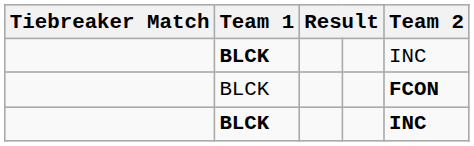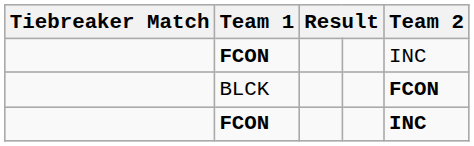 <table class="wikitable">
 <tr>
 <th>Tiebreaker Match</th>
 <th>Team 1</th>
 <th colspan=2>Result</th>
 <th>Team 2</th>
 </tr>
 <tr>
 <td></td>
-<td><strong> BLCK</strong></td>
+<td><strong> FCON</strong></td>
 <td></td>
 <td></td>
 <td> INC</td>
 </tr>
 <tr>
 <td></td>
 <td> BLCK</td>
 <td></td>
 <td></td>
 <td><strong> FCON</strong></td>
 </tr>
 <tr>
 <td></td>
-<td><strong> BLCK</strong></td>
+<td><strong> FCON</strong></td>
 <td></td>
 <td></td>
 <td><strong> INC</strong></td>
 </tr>
 </table>
